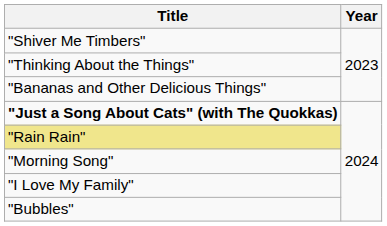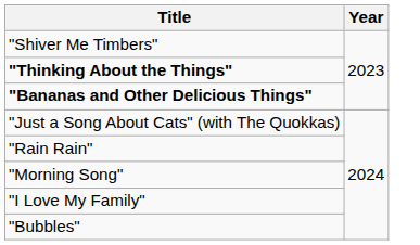 <table class="wikitable">
 <tr>
 <th>Title</th>
 <th>Year</th>
 </tr>
 <tr>
 <td>"Shiver Me Timbers"</td>
 <td rowspan="3">2023</td>
 </tr>
 <tr>
-<td>"Thinking About the Things"</td>
+<td><strong>"Thinking About the Things"</strong></td>
 </tr>
 <tr>
-<td>"Bananas and Other Delicious Things"</td>
+<td><strong>"Bananas and Other Delicious Things"</strong></td>
 </tr>
 <tr>
-<td><strong>"Just a Song About Cats" (with The Quokkas)</strong></td>
+<td>"Just a Song About Cats" (with The Quokkas)</td>
 <td rowspan="5">2024</td>
 </tr>
 <tr>
-<td style="background: khaki;">"Rain Rain"</td>
+<td>"Rain Rain"</td>
 </tr>
 <tr>
 <td>"Morning Song"</td>
 </tr>
 <tr>
 <td>"I Love My Family"</td>
 </tr>
 <tr>
 <td>"Bubbles"</td>
 </tr>
 </table>
